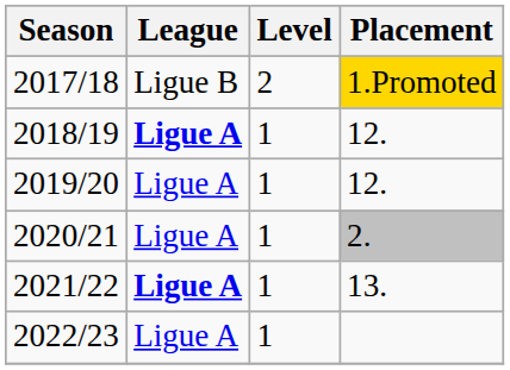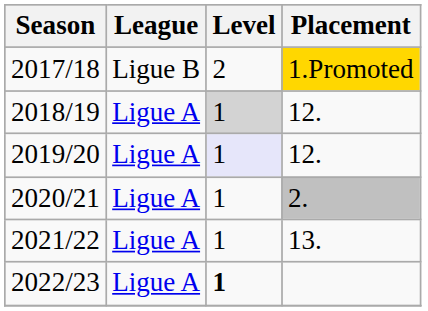 <table class="wikitable">
 <tr>
 <th>Season</th>
 <th>League</th>
 <th>Level</th>
 <th>Placement</th>
 </tr>
 <tr>
 <td>2017/18</td>
 <td>Ligue B</td>
 <td>2</td>
 <td bgcolor=gold>1.Promoted</td>
 </tr>
 <tr>
 <td>2018/19</td>
-<td><strong><a href='#'>Ligue A</a></strong></td>
-<td>1</td>
+<td><a href='#'>Ligue A</a></td>
+<td style="background: lightgrey;">1</td>
 <td>12.</td>
 </tr>
 <tr>
 <td>2019/20</td>
 <td><a href='#'>Ligue A</a></td>
-<td>1</td>
+<td style="background: lavender;">1</td>
 <td>12.</td>
 </tr>
 <tr>
 <td>2020/21</td>
 <td><a href='#'>Ligue A</a></td>
 <td>1</td>
 <td bgcolor=silver>2.</td>
 </tr>
 <tr>
 <td>2021/22</td>
-<td><strong><a href='#'>Ligue A</a></strong></td>
+<td><a href='#'>Ligue A</a></td>
 <td>1</td>
 <td>13.</td>
 </tr>
 <tr>
 <td>2022/23</td>
 <td><a href='#'>Ligue A</a></td>
-<td>1</td>
+<td><strong>1</strong></td>
 <td></td>
 </tr>
 <tr>
 </tr>
 </table>
